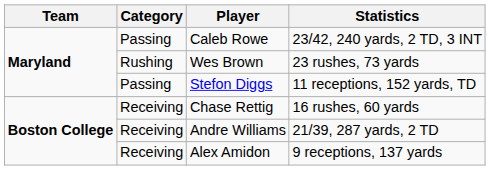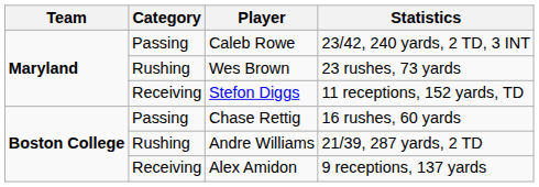 <table class="wikitable" style="float: left;">
 <tr>
 <th>Team</th>
 <th>Category</th>
 <th>Player</th>
 <th>Statistics</th>
 </tr>
 <tr>
 <td rowspan=3><strong>Maryland</strong></td>
 <td>Passing</td>
 <td>Caleb Rowe</td>
 <td>23/42, 240 yards, 2 TD, 3 INT</td>
 </tr>
 <tr>
 <td>Rushing</td>
 <td>Wes Brown</td>
 <td>23 rushes, 73 yards</td>
 </tr>
 <tr>
-<td>Passing</td>
+<td>Receiving</td>
 <td><a href='#'>Stefon Diggs</a></td>
 <td>11 receptions, 152 yards, TD</td>
 </tr>
 <tr>
 <td rowspan=3><strong>Boston College</strong></td>
-<td>Receiving</td>
+<td>Passing</td>
 <td>Chase Rettig</td>
 <td>16 rushes, 60 yards</td>
 </tr>
 <tr>
-<td>Receiving</td>
+<td>Rushing</td>
 <td>Andre Williams</td>
 <td>21/39, 287 yards, 2 TD</td>
 </tr>
 <tr>
 <td>Receiving</td>
 <td>Alex Amidon</td>
 <td>9 receptions, 137 yards</td>
 </tr>
 </table>
